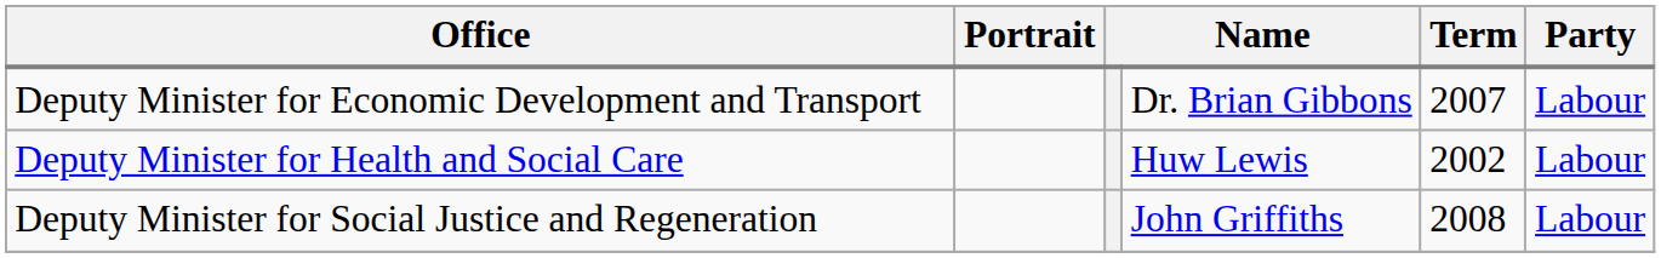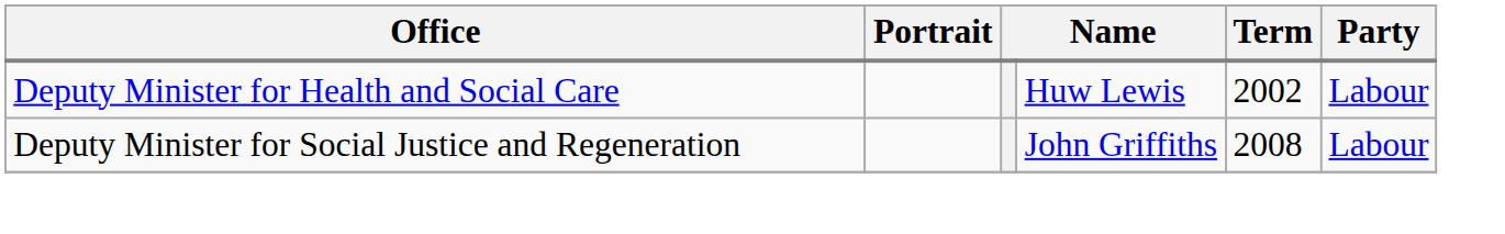 <table class="wikitable">
 <tr style="border-bottom: 2px solid gray;">
 <th style="width: 390px">Office</th>
 <th>Portrait</th>
 <th colspan="2">Name</th>
 <th>Term</th>
 <th>Party</th>
-</tr>
-<tr>
-<td>Deputy Minister for Economic Development and Transport</td>
-<td></td>
-<th style="background-color: "></th>
-<td>Dr. <a href='#'>Brian Gibbons</a></td>
-<td>2007</td>
-<td><a href='#'>Labour</a></td>
 </tr>
 <tr>
 <td><a href='#'>Deputy Minister for Health and Social Care</a></td>
 <td></td>
 <th style="background-color: "></th>
 <td><a href='#'>Huw Lewis</a></td>
 <td>2002</td>
 <td><a href='#'>Labour</a></td>
 </tr>
 <tr>
 <td>Deputy Minister for Social Justice and Regeneration</td>
 <td></td>
 <th style="background-color: "></th>
 <td><a href='#'>John Griffiths</a></td>
 <td>2008</td>
 <td><a href='#'>Labour</a></td>
 </tr>
 <tr>
 </tr>
 </table>
